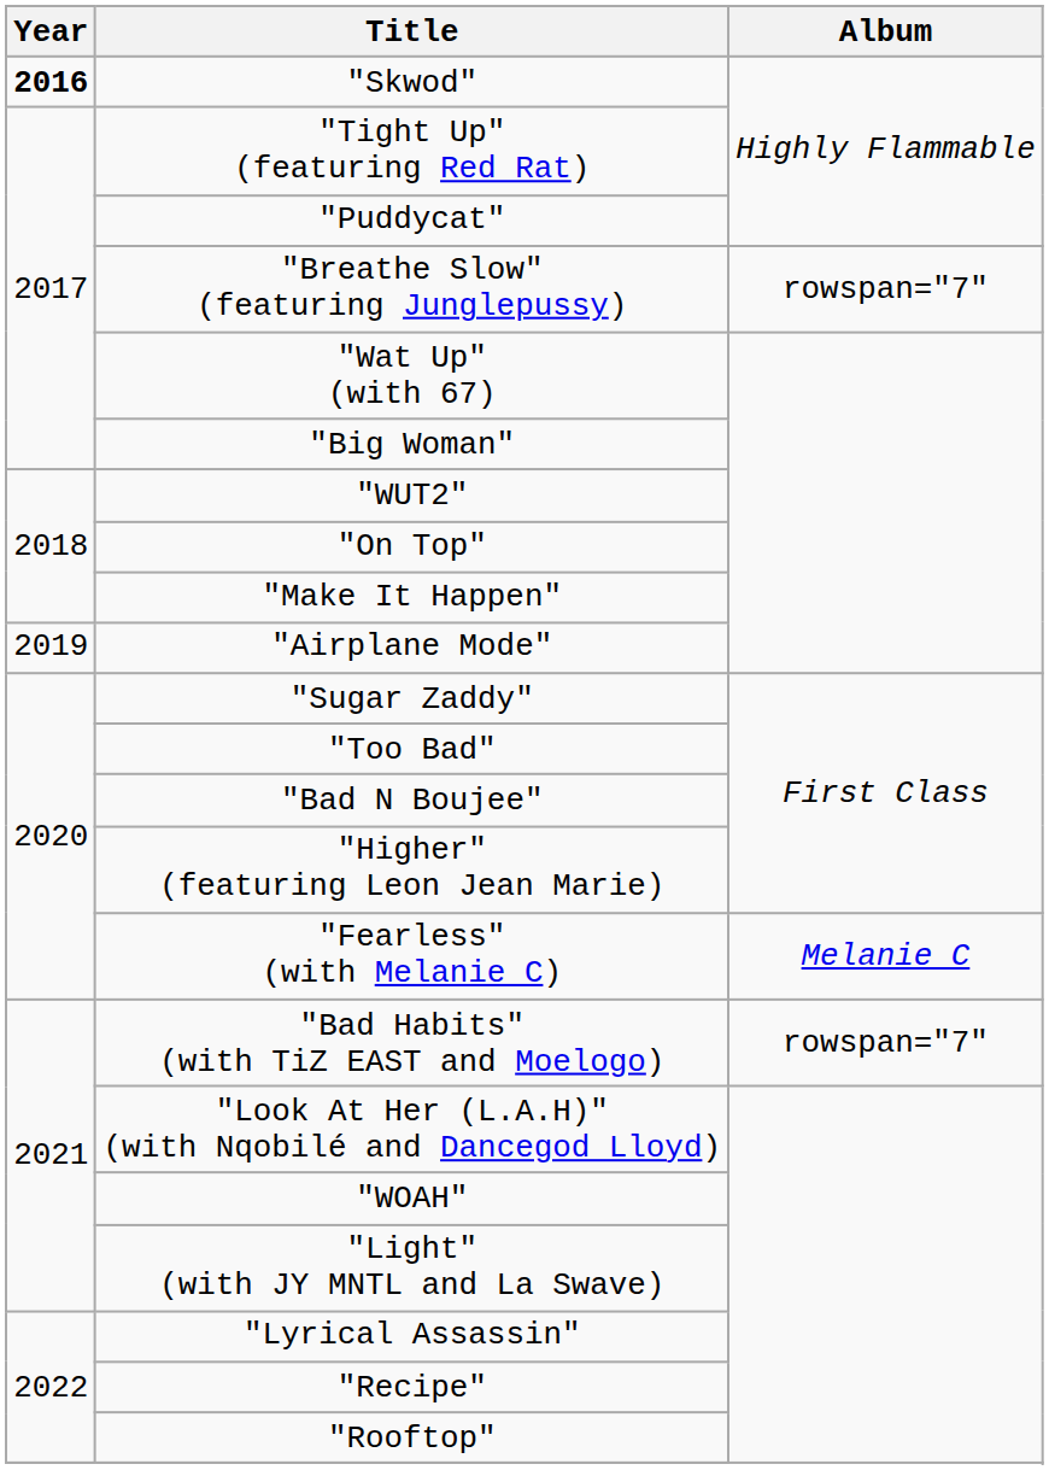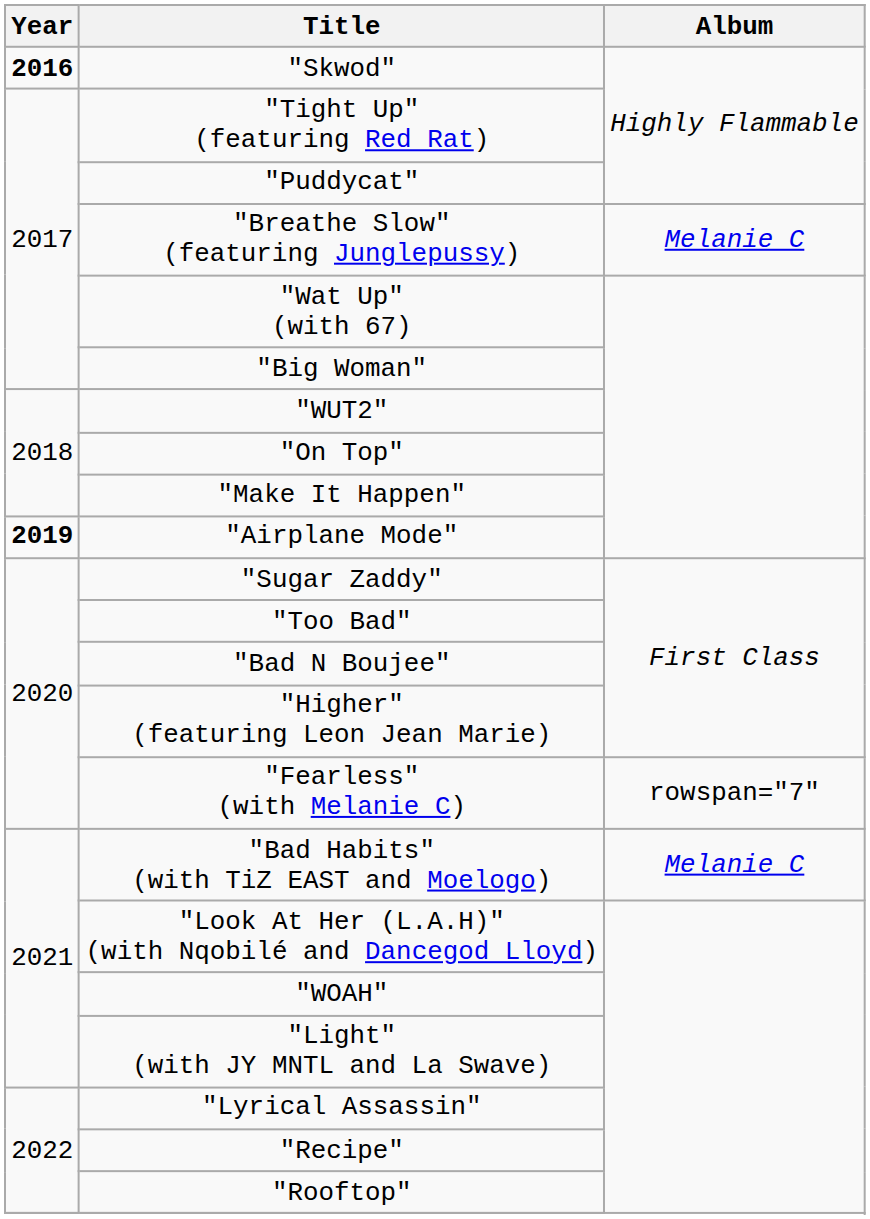 <table class="wikitable plainrowheaders" style="text-align:center;">
 <tr>
 <th>Year</th>
 <th>Title</th>
 <th>Album</th>
 </tr>
 <tr>
 <td><strong>2016</strong></td>
 <td>"Skwod"</td>
 <td rowspan="3"><em>Highly Flammable</em></td>
 </tr>
 <tr>
 <td rowspan="5">2017</td>
 <td>"Tight Up" <br><span>(featuring <a href='#'>Red Rat</a>)</span></td>
 </tr>
 <tr>
 <td>"Puddycat"</td>
 </tr>
 <tr>
 <td>"Breathe Slow" <br><span>(featuring <a href='#'>Junglepussy</a>)</span></td>
-<td>rowspan="7" </td>
+<td><em><a href='#'>Melanie C</a></em></td>
 </tr>
 <tr>
 <td>"Wat Up" <br><span>(with 67)</span></td>
 </tr>
 <tr>
 <td>"Big Woman"</td>
 </tr>
 <tr>
 <td rowspan="3">2018</td>
 <td>"WUT2"</td>
 </tr>
 <tr>
 <td>"On Top"</td>
 </tr>
 <tr>
 <td>"Make It Happen"</td>
 </tr>
 <tr>
-<td rowspan="1">2019</td>
+<td rowspan="1"><strong>2019</strong></td>
 <td>"Airplane Mode"</td>
 </tr>
 <tr>
 <td rowspan="5">2020</td>
 <td>"Sugar Zaddy"</td>
 <td rowspan="4"><em>First Class</em></td>
 </tr>
 <tr>
 <td>"Too Bad"</td>
 </tr>
 <tr>
 <td>"Bad N Boujee"</td>
 </tr>
 <tr>
 <td>"Higher" <br><span>(featuring Leon Jean Marie)</span></td>
 </tr>
 <tr>
 <td>"Fearless" <br><span>(with <a href='#'>Melanie C</a>)</span></td>
-<td><em><a href='#'>Melanie C</a></em></td>
+<td>rowspan="7" </td>
 </tr>
 <tr>
 <td rowspan="4">2021</td>
 <td>"Bad Habits" <br><span>(with TiZ EAST and <a href='#'>Moelogo</a>)</span></td>
-<td>rowspan="7" </td>
+<td><em><a href='#'>Melanie C</a></em></td>
 </tr>
 <tr>
 <td>"Look At Her (L.A.H)" <br><span>(with Nqobilé and <a href='#'>Dancegod Lloyd</a>)</span></td>
 </tr>
 <tr>
 <td>"WOAH"</td>
 </tr>
 <tr>
 <td>"Light" <br><span>(with JY MNTL and La Swave)</span></td>
 </tr>
 <tr>
 <td rowspan="3">2022</td>
 <td>"Lyrical Assassin"</td>
 </tr>
 <tr>
 <td>"Recipe"</td>
 </tr>
 <tr>
 <td>"Rooftop"</td>
 </tr>
 <tr>
 </tr>
 </table>
